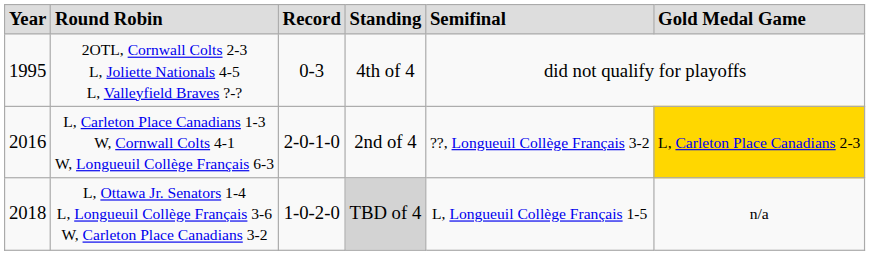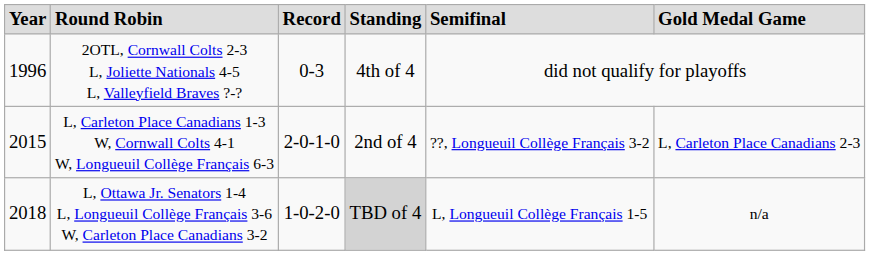 <table class="wikitable">
 <tr style="font-weight:bold; background-color:#dddddd;" |>
 <td>Year</td>
 <td>Round Robin</td>
 <td>Record</td>
 <td>Standing</td>
 <td>Semifinal</td>
 <td>Gold Medal Game</td>
 </tr>
 <tr align=center>
-<td>1995</td>
+<td>1996</td>
 <td><small>2OTL, <a href='#'>Cornwall Colts</a> 2-3<br>L, <a href='#'>Joliette Nationals</a> 4-5<br>L, <a href='#'>Valleyfield Braves</a> ?-?</small></td>
 <td>0-3</td>
 <td>4th of 4</td>
 <td colspan=2>did not qualify for playoffs</td>
 </tr>
 <tr align=center>
-<td>2016</td>
+<td>2015</td>
 <td><small>L, <a href='#'>Carleton Place Canadians</a> 1-3<br>W, <a href='#'>Cornwall Colts</a> 4-1<br>W, <a href='#'>Longueuil Collège Français</a> 6-3</small></td>
 <td>2-0-1-0</td>
 <td>2nd of 4</td>
 <td><small>??, <a href='#'>Longueuil Collège Français</a> 3-2</small></td>
-<td style="background: gold;"><small>L, <a href='#'>Carleton Place Canadians</a> 2-3</small></td>
+<td><small>L, <a href='#'>Carleton Place Canadians</a> 2-3</small></td>
 </tr>
 <tr align=center>
 <td>2018</td>
 <td><small>L, <a href='#'>Ottawa Jr. Senators</a> 1-4<br>L, <a href='#'>Longueuil Collège Français</a> 3-6<br>W, <a href='#'>Carleton Place Canadians</a> 3-2</small></td>
 <td>1-0-2-0</td>
 <td style="background: lightgrey;">TBD of 4</td>
 <td><small>L, <a href='#'>Longueuil Collège Français</a> 1-5</small></td>
 <td><small>n/a</small></td>
 </tr>
 </table>
